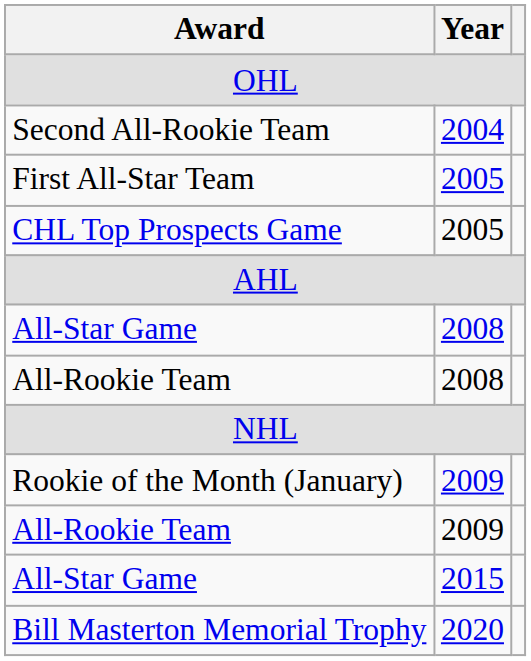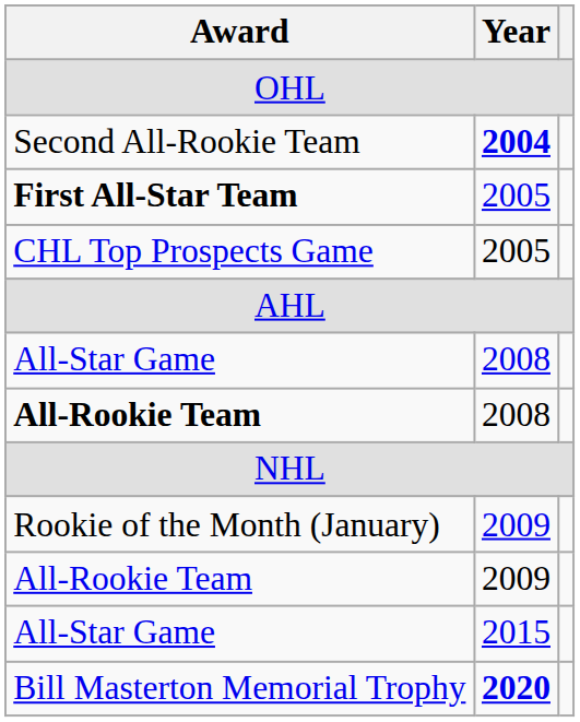 <table class="wikitable">
 <tr>
 <th>Award</th>
 <th>Year</th>
 <th></th>
 </tr>
 <tr ALIGN="center" bgcolor="#e0e0e0">
 <td colspan="3"><a href='#'>OHL</a></td>
 </tr>
 <tr>
 <td>Second All-Rookie Team</td>
-<td><a href='#'>2004</a></td>
+<td><strong><a href='#'>2004</a></strong></td>
 <td></td>
 </tr>
 <tr>
-<td>First All-Star Team</td>
+<td><strong>First All-Star Team</strong></td>
 <td><a href='#'>2005</a></td>
 <td></td>
 </tr>
 <tr>
 <td><a href='#'>CHL Top Prospects Game</a></td>
 <td>2005</td>
 <td></td>
 </tr>
 <tr ALIGN="center" bgcolor="#e0e0e0">
 <td colspan="3"><a href='#'>AHL</a></td>
 </tr>
 <tr>
 <td><a href='#'>All-Star Game</a></td>
 <td><a href='#'>2008</a></td>
 <td></td>
 </tr>
 <tr>
-<td>All-Rookie Team</td>
+<td><strong>All-Rookie Team</strong></td>
 <td>2008</td>
 <td></td>
 </tr>
 <tr ALIGN="center" bgcolor="#e0e0e0">
 <td colspan="3"><a href='#'>NHL</a></td>
 </tr>
 <tr>
 <td>Rookie of the Month (January)</td>
 <td><a href='#'>2009</a></td>
 <td></td>
 </tr>
 <tr>
 <td><a href='#'>All-Rookie Team</a></td>
 <td>2009</td>
 <td></td>
 </tr>
 <tr>
 <td><a href='#'>All-Star Game</a></td>
 <td><a href='#'>2015</a></td>
 <td></td>
 </tr>
 <tr>
 <td><a href='#'>Bill Masterton Memorial Trophy</a></td>
-<td><a href='#'>2020</a></td>
+<td><strong><a href='#'>2020</a></strong></td>
 <td></td>
 </tr>
 </table>
